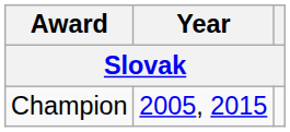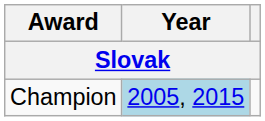 <table class="wikitable">
 <tr>
 <th>Award</th>
 <th>Year</th>
 <th></th>
 </tr>
 <tr>
 <th colspan="3"><a href='#'>Slovak</a></th>
 </tr>
 <tr>
 <td>Champion</td>
-<td><a href='#'>2005</a>, <a href='#'>2015</a></td>
+<td style="background: lightblue;"><a href='#'>2005</a>, <a href='#'>2015</a></td>
 <td></td>
 </tr>
 </table>
